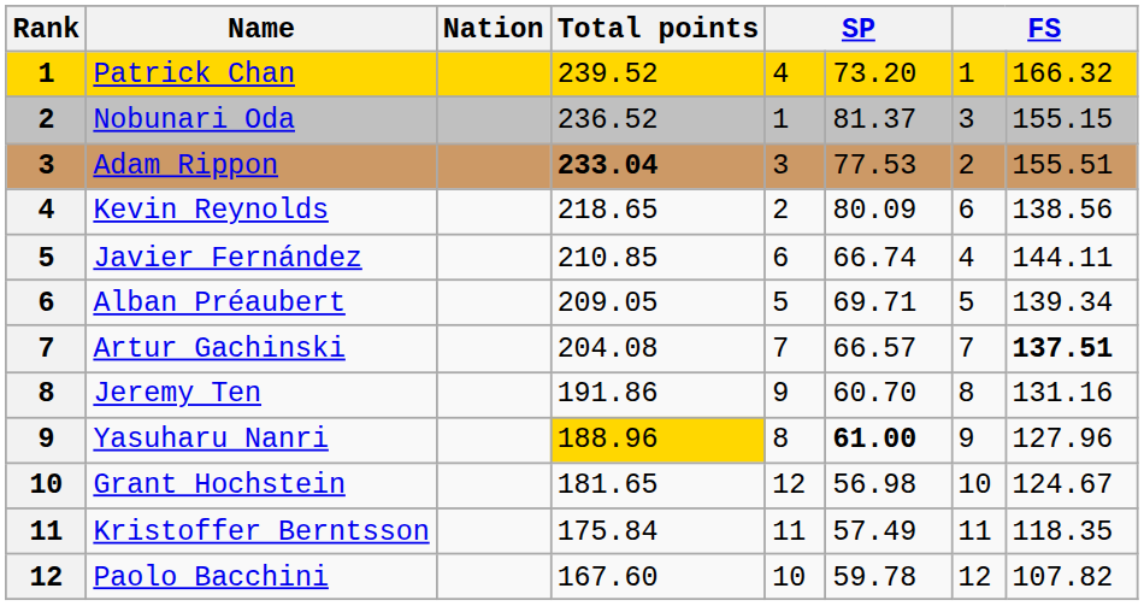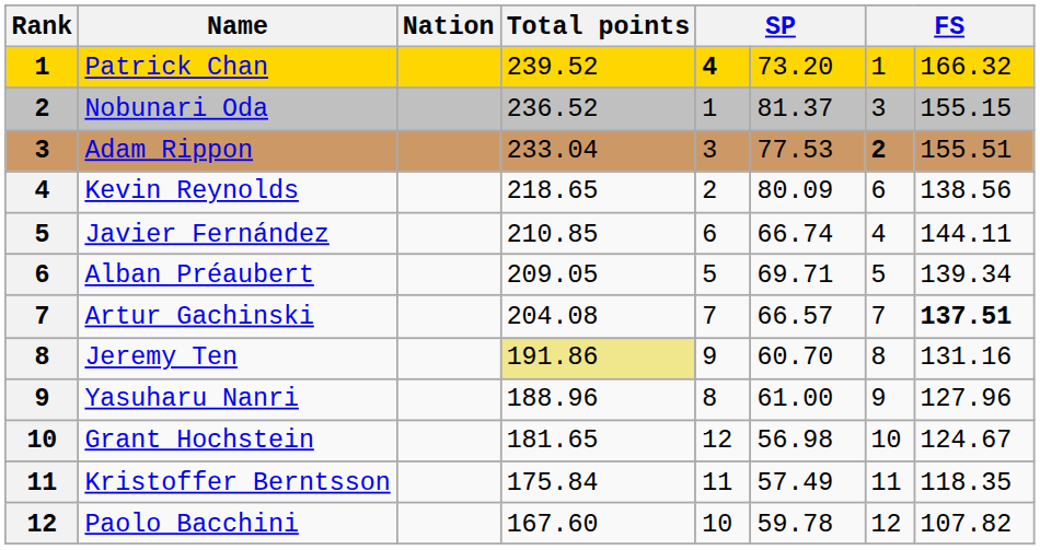 <table class="wikitable sortable">
 <tr>
 <th>Rank</th>
 <th>Name</th>
 <th>Nation</th>
 <th>Total points</th>
 <th colspan="2" width="80px"><a href='#'>SP</a></th>
 <th colspan="2" width="80px"><a href='#'>FS</a></th>
 </tr>
 <tr bgcolor="gold">
 <td align="center"><strong>1</strong></td>
 <td><a href='#'>Patrick Chan</a></td>
 <td></td>
 <td>239.52</td>
-<td>4</td>
+<td><strong>4</strong></td>
 <td>73.20</td>
 <td>1</td>
 <td>166.32</td>
 </tr>
 <tr bgcolor="silver">
 <td align="center"><strong>2</strong></td>
 <td><a href='#'>Nobunari Oda</a></td>
 <td></td>
 <td>236.52</td>
 <td>1</td>
 <td>81.37</td>
 <td>3</td>
 <td>155.15</td>
 </tr>
 <tr bgcolor="cc9966">
 <td align="center"><strong>3</strong></td>
 <td><a href='#'>Adam Rippon</a></td>
 <td></td>
-<td><strong>233.04</strong></td>
+<td>233.04</td>
 <td>3</td>
 <td>77.53</td>
-<td>2</td>
+<td><strong>2</strong></td>
 <td>155.51</td>
 </tr>
 <tr>
 <th>4</th>
 <td><a href='#'>Kevin Reynolds</a></td>
 <td></td>
 <td>218.65</td>
 <td>2</td>
 <td>80.09</td>
 <td>6</td>
 <td>138.56</td>
 </tr>
 <tr>
 <th>5</th>
 <td><a href='#'>Javier Fernández</a></td>
 <td></td>
 <td>210.85</td>
 <td>6</td>
 <td>66.74</td>
 <td>4</td>
 <td>144.11</td>
 </tr>
 <tr>
 <th>6</th>
 <td><a href='#'>Alban Préaubert</a></td>
 <td></td>
 <td>209.05</td>
 <td>5</td>
 <td>69.71</td>
 <td>5</td>
 <td>139.34</td>
 </tr>
 <tr>
 <th>7</th>
 <td><a href='#'>Artur Gachinski</a></td>
 <td></td>
 <td>204.08</td>
 <td>7</td>
 <td>66.57</td>
 <td>7</td>
 <td><strong>137.51</strong></td>
 </tr>
 <tr>
 <th>8</th>
 <td><a href='#'>Jeremy Ten</a></td>
 <td></td>
-<td>191.86</td>
+<td style="background: khaki;">191.86</td>
 <td>9</td>
 <td>60.70</td>
 <td>8</td>
 <td>131.16</td>
 </tr>
 <tr>
 <th>9</th>
 <td><a href='#'>Yasuharu Nanri</a></td>
 <td></td>
-<td style="background: gold;">188.96</td>
+<td>188.96</td>
 <td>8</td>
-<td><strong>61.00</strong></td>
+<td>61.00</td>
 <td>9</td>
 <td>127.96</td>
 </tr>
 <tr>
 <th>10</th>
 <td><a href='#'>Grant Hochstein</a></td>
 <td></td>
 <td>181.65</td>
 <td>12</td>
 <td>56.98</td>
 <td>10</td>
 <td>124.67</td>
 </tr>
 <tr>
 <th>11</th>
 <td><a href='#'>Kristoffer Berntsson</a></td>
 <td></td>
 <td>175.84</td>
 <td>11</td>
 <td>57.49</td>
 <td>11</td>
 <td>118.35</td>
 </tr>
 <tr>
 <th>12</th>
 <td><a href='#'>Paolo Bacchini</a></td>
 <td></td>
 <td>167.60</td>
 <td>10</td>
 <td>59.78</td>
 <td>12</td>
 <td>107.82</td>
 </tr>
 </table>
